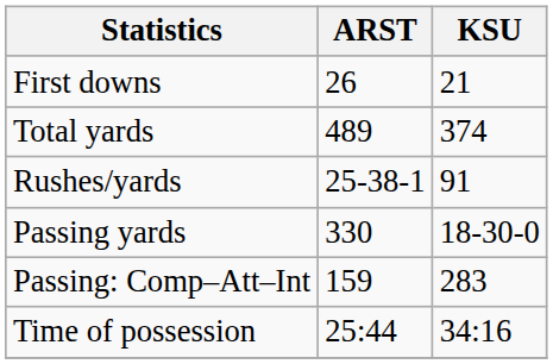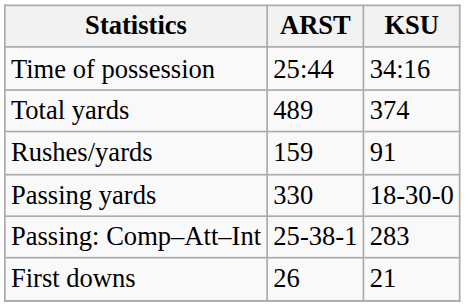 <table class="wikitable" style="float: left;">
 <tr>
 <th>Statistics</th>
 <th>ARST</th>
 <th>KSU</th>
 </tr>
 <tr>
-<td>First downs</td>
-<td>26</td>
-<td>21</td>
+<td>Time of possession</td>
+<td>25:44</td>
+<td>34:16</td>
 </tr>
 <tr>
 <td>Total yards</td>
 <td>489</td>
 <td>374</td>
 </tr>
 <tr>
 <td>Rushes/yards</td>
-<td>25-38-1</td>
+<td>159</td>
 <td>91</td>
 </tr>
 <tr>
 <td>Passing yards</td>
 <td>330</td>
 <td>18-30-0</td>
 </tr>
 <tr>
 <td>Passing: Comp–Att–Int</td>
-<td>159</td>
+<td>25-38-1</td>
 <td>283</td>
 </tr>
 <tr>
-<td>Time of possession</td>
-<td>25:44</td>
-<td>34:16</td>
+<td>First downs</td>
+<td>26</td>
+<td>21</td>
 </tr>
 <tr>
 </tr>
 </table>
